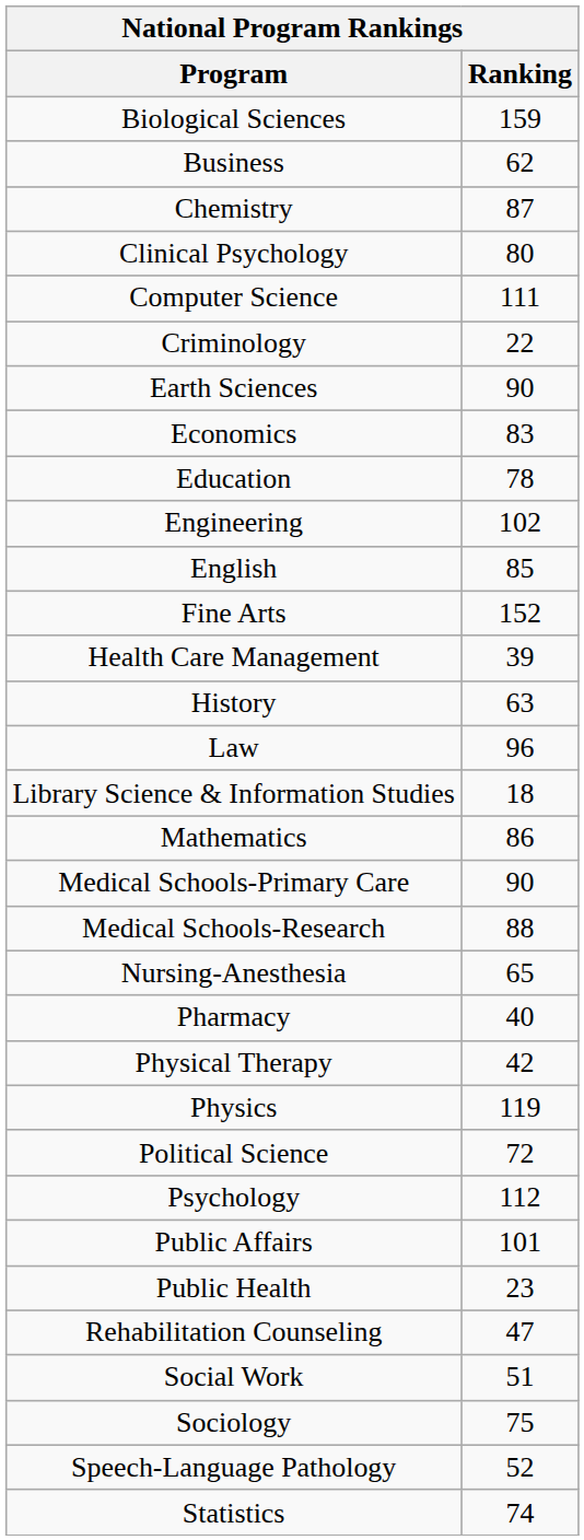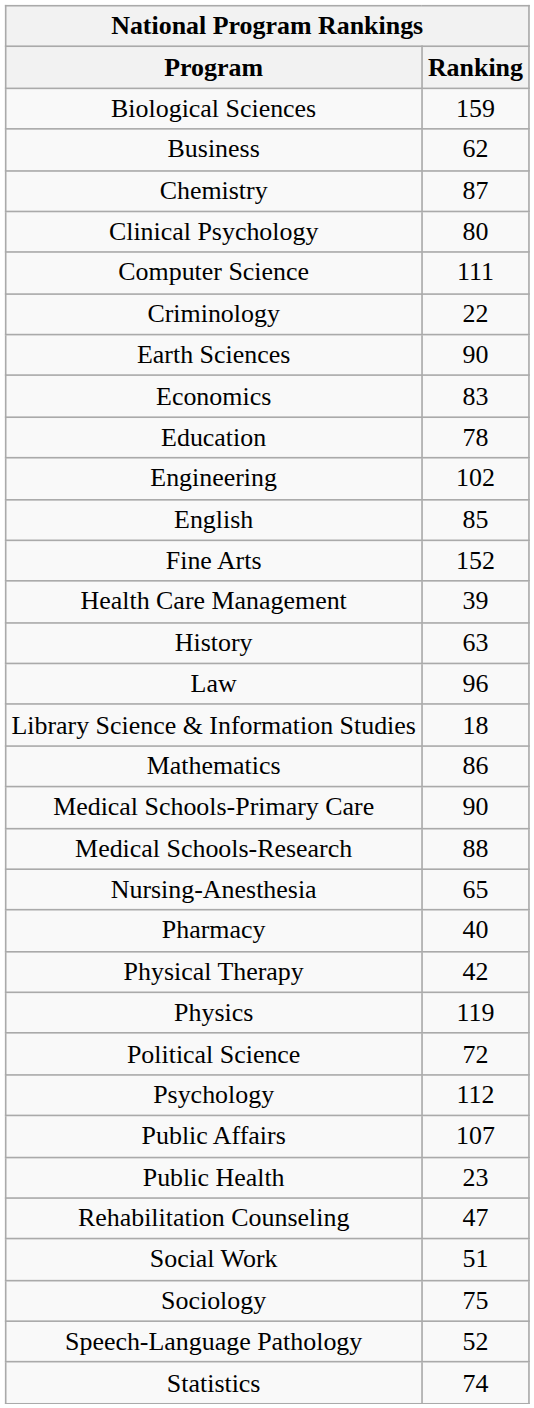 <table class="wikitable sortable collapsible collapsed" style="float:right; text-align:center">
 <tr>
 <th colspan=4>National Program Rankings</th>
 </tr>
 <tr>
 <th>Program</th>
 <th>Ranking</th>
 </tr>
 <tr>
 <td>Biological Sciences</td>
 <td>159</td>
 </tr>
 <tr>
 <td>Business</td>
 <td>62</td>
 </tr>
 <tr>
 <td>Chemistry</td>
 <td>87</td>
 </tr>
 <tr>
 <td>Clinical Psychology</td>
 <td>80</td>
 </tr>
 <tr>
 <td>Computer Science</td>
 <td>111</td>
 </tr>
 <tr>
 <td>Criminology</td>
 <td>22</td>
 </tr>
 <tr>
 <td>Earth Sciences</td>
 <td>90</td>
 </tr>
 <tr>
 <td>Economics</td>
 <td>83</td>
 </tr>
 <tr>
 <td>Education</td>
 <td>78</td>
 </tr>
 <tr>
 <td>Engineering</td>
 <td>102</td>
 </tr>
 <tr>
 <td>English</td>
 <td>85</td>
 </tr>
 <tr>
 <td>Fine Arts</td>
 <td>152</td>
 </tr>
 <tr>
 <td>Health Care Management</td>
 <td>39</td>
 </tr>
 <tr>
 <td>History</td>
 <td>63</td>
 </tr>
 <tr>
 <td>Law</td>
 <td>96</td>
 </tr>
 <tr>
 <td>Library Science & Information Studies</td>
 <td>18</td>
 </tr>
 <tr>
 <td>Mathematics</td>
 <td>86</td>
 </tr>
 <tr>
 <td>Medical Schools-Primary Care</td>
 <td>90</td>
 </tr>
 <tr>
 <td>Medical Schools-Research</td>
 <td>88</td>
 </tr>
 <tr>
 <td>Nursing-Anesthesia</td>
 <td>65</td>
 </tr>
 <tr>
 <td>Pharmacy</td>
 <td>40</td>
 </tr>
 <tr>
 <td>Physical Therapy</td>
 <td>42</td>
 </tr>
 <tr>
 <td>Physics</td>
 <td>119</td>
 </tr>
 <tr>
 <td>Political Science</td>
 <td>72</td>
 </tr>
 <tr>
 <td>Psychology</td>
 <td>112</td>
 </tr>
 <tr>
 <td>Public Affairs</td>
-<td>101</td>
+<td>107</td>
 </tr>
 <tr>
 <td>Public Health</td>
 <td>23</td>
 </tr>
 <tr>
 <td>Rehabilitation Counseling</td>
 <td>47</td>
 </tr>
 <tr>
 <td>Social Work</td>
 <td>51</td>
 </tr>
 <tr>
 <td>Sociology</td>
 <td>75</td>
 </tr>
 <tr>
 <td>Speech-Language Pathology</td>
 <td>52</td>
 </tr>
 <tr>
 <td>Statistics</td>
 <td>74</td>
 </tr>
 </table>
